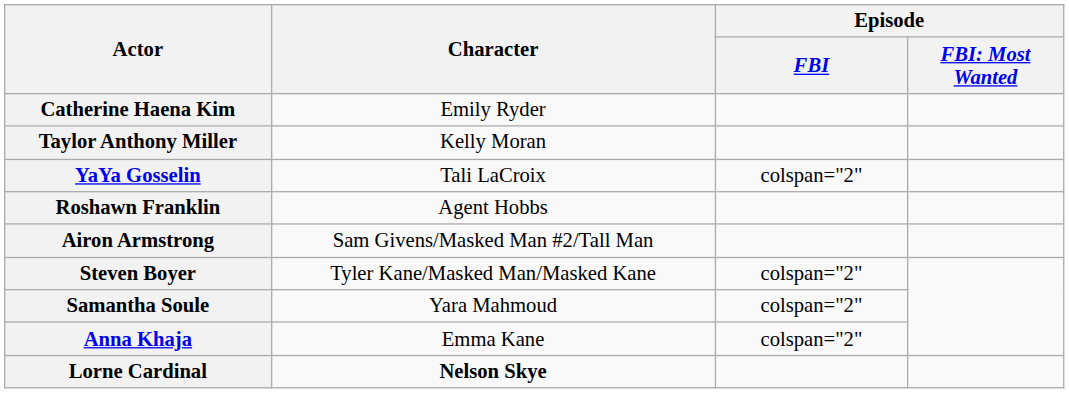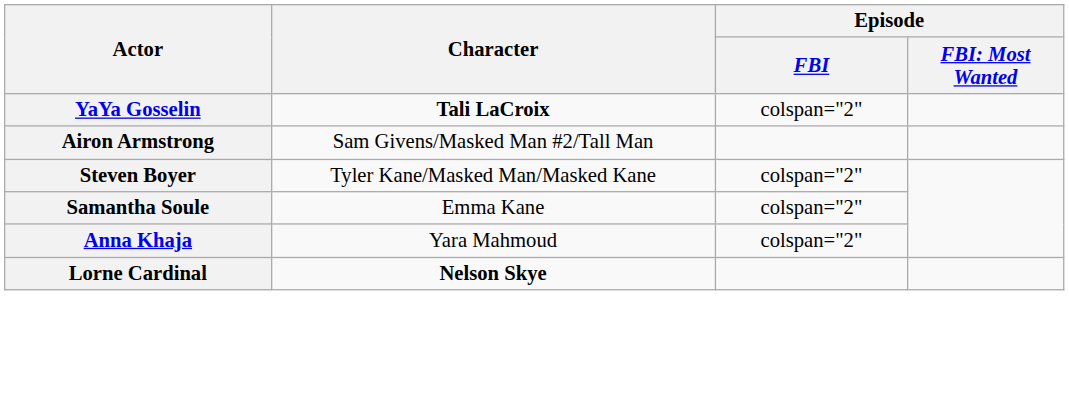 <table class="wikitable" style="width:65%; text-align:center;">
 <tr>
 <th scope="col" rowspan="2" width=12%>Actor</th>
 <th scope="col" rowspan="2" width=20%>Character</th>
 <th scope="col" colspan="2">Episode</th>
 </tr>
 <tr>
 <th scope="col" width=7%><em><a href='#'>FBI</a></em></th>
 <th scope="col" width=7%><em><a href='#'>FBI: Most Wanted</a></em></th>
 </tr>
 <tr>
-<th scope="row">Catherine Haena Kim</th>
-<td>Emily Ryder</td>
-<td></td>
-<td></td>
-</tr>
-<tr>
-<th scope="row">Taylor Anthony Miller</th>
-<td>Kelly Moran</td>
-<td></td>
-<td></td>
-</tr>
-<tr>
 <th scope="row"><a href='#'>YaYa Gosselin</a></th>
-<td>Tali LaCroix</td>
+<td><strong>Tali LaCroix</strong></td>
 <td>colspan="2"</td>
-</tr>
-<tr>
-<th scope="row">Roshawn Franklin</th>
-<td>Agent Hobbs</td>
-<td></td>
-<td></td>
 </tr>
 <tr>
 <th scope="row">Airon Armstrong</th>
 <td>Sam Givens/Masked Man #2/Tall Man</td>
 <td></td>
 <td></td>
 </tr>
 <tr>
 <th scope="row">Steven Boyer</th>
 <td>Tyler Kane/Masked Man/Masked Kane</td>
 <td>colspan="2"</td>
 </tr>
 <tr>
 <th scope="row">Samantha Soule</th>
-<td>Yara Mahmoud</td>
+<td>Emma Kane</td>
 <td>colspan="2"</td>
 </tr>
 <tr>
 <th scope="row"><a href='#'>Anna Khaja</a></th>
-<td>Emma Kane</td>
+<td>Yara Mahmoud</td>
 <td>colspan="2"</td>
 </tr>
 <tr>
 <th scope="row">Lorne Cardinal</th>
 <td><strong>Nelson Skye</strong></td>
 <td></td>
 <td></td>
 </tr>
 </table>
